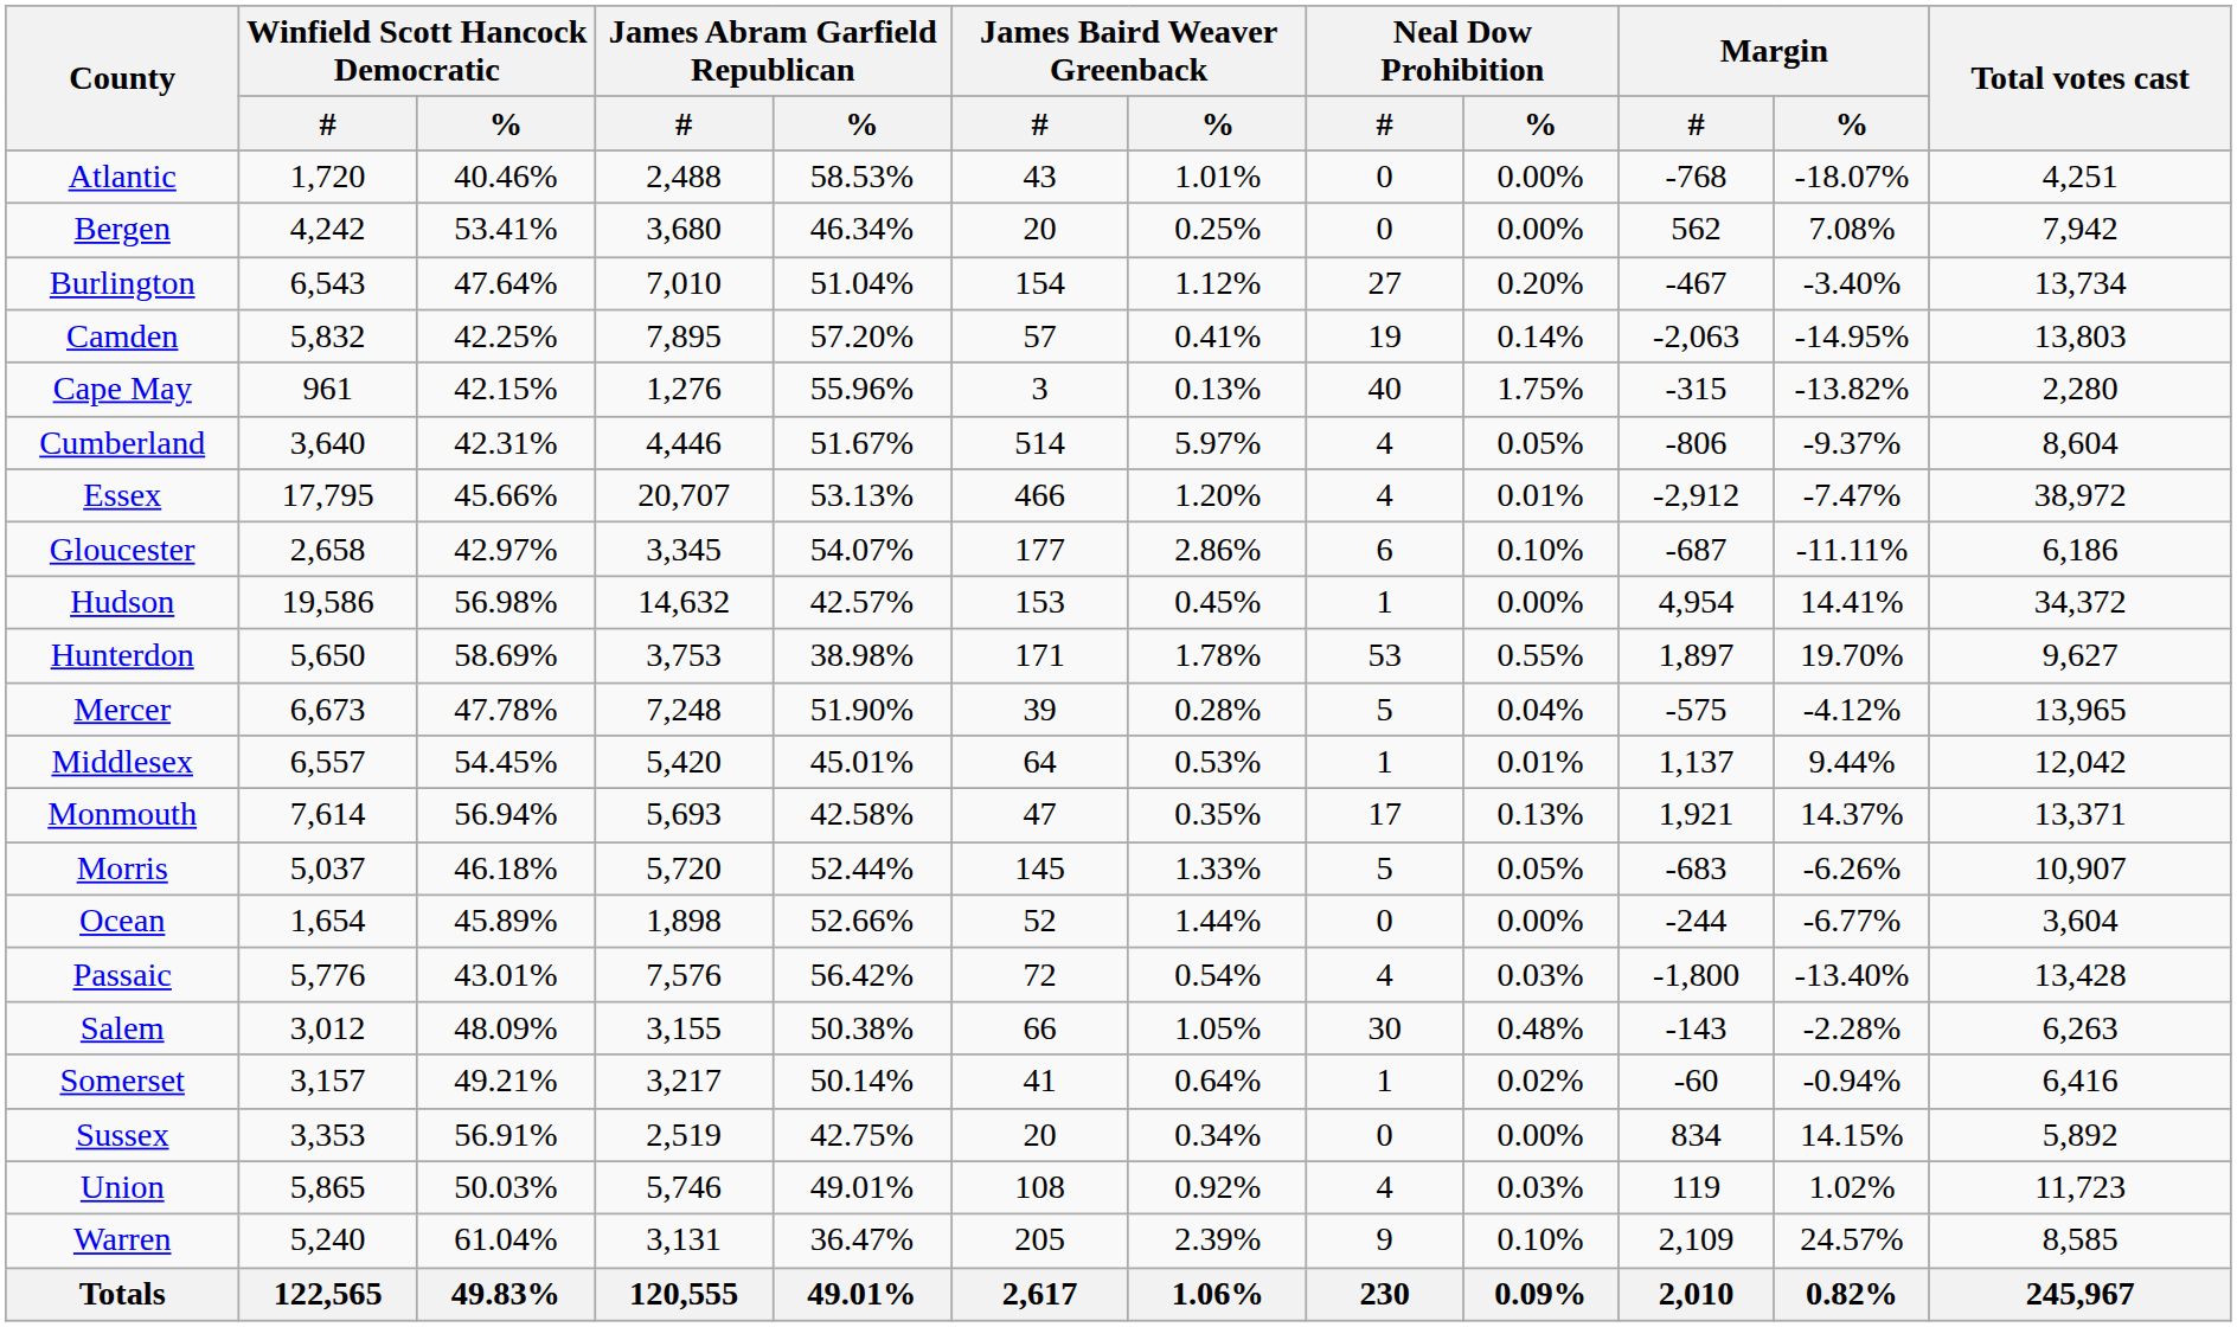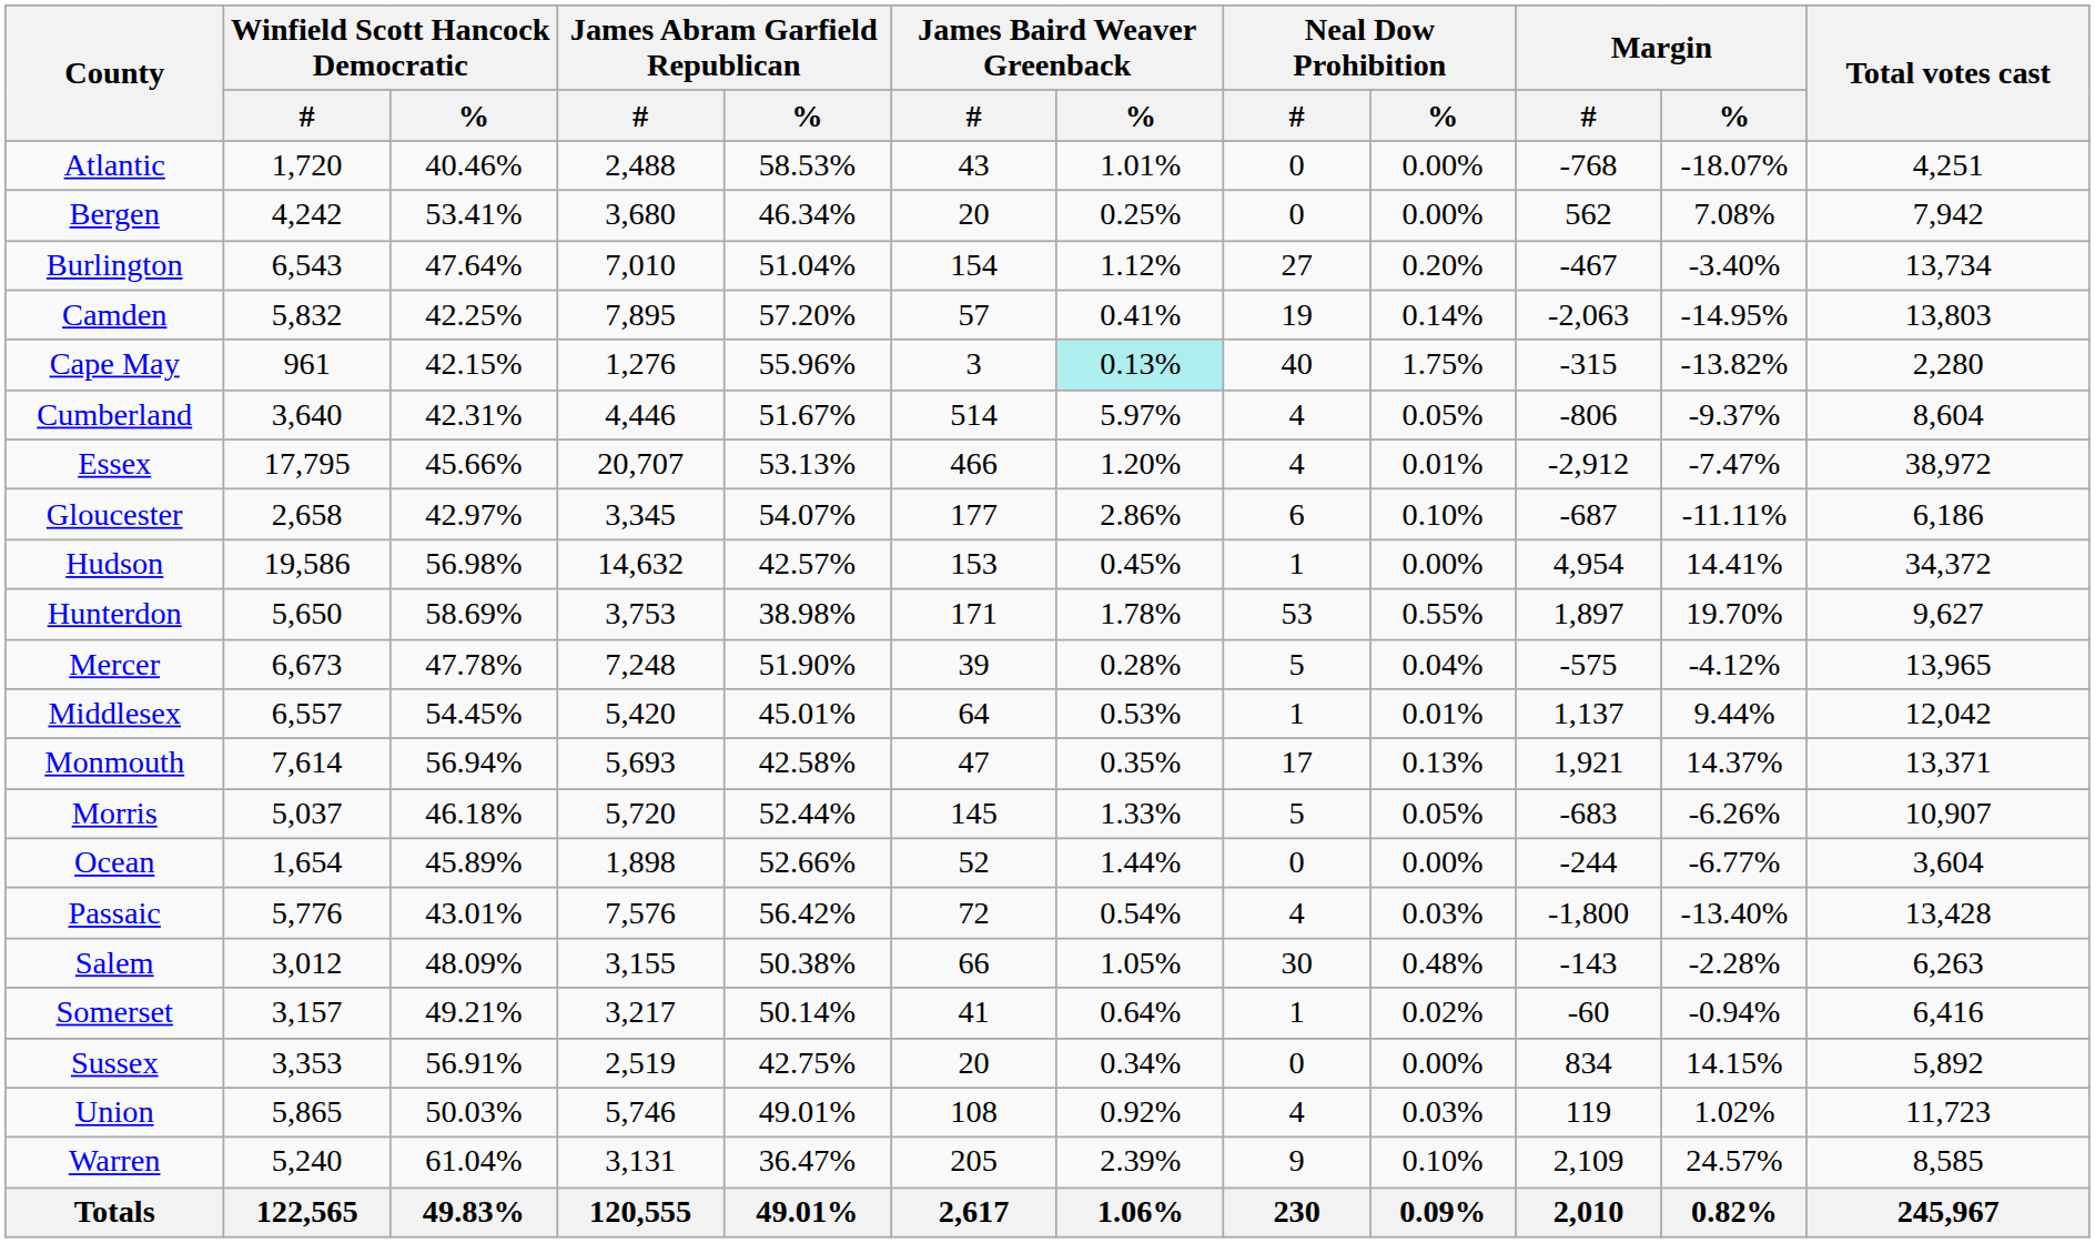 <table class="wikitable sortable">
 <tr>
 <th rowspan="2">County</th>
 <th colspan="2">Winfield Scott Hancock<br>Democratic</th>
 <th colspan="2">James Abram Garfield<br>Republican</th>
 <th colspan="2">James Baird Weaver<br>Greenback</th>
 <th colspan="2">Neal Dow<br>Prohibition</th>
 <th colspan="2">Margin</th>
 <th rowspan="2">Total votes cast </th>
 </tr>
 <tr style="text-align:center">
 <th width="8%" data-sort-type="number">#</th>
 <th width="8%" data-sort-type="number">%</th>
 <th width="8%" data-sort-type="number">#</th>
 <th width="8%" data-sort-type="number">%</th>
 <th width="8%" data-sort-type="number">#</th>
 <th width="8%" data-sort-type="number">%</th>
 <th width="7%" data-sort-type="number">#</th>
 <th width="7%" data-sort-type="number">%</th>
 <th width="7%" data-sort-type="number">#</th>
 <th width="7%" data-sort-type="number">%</th>
 </tr>
 <tr style="text-align:center;">
 <td><a href='#'>Atlantic</a></td>
 <td>1,720</td>
 <td>40.46%</td>
 <td>2,488</td>
 <td>58.53%</td>
 <td>43</td>
 <td>1.01%</td>
 <td>0</td>
 <td>0.00%</td>
 <td>-768</td>
 <td>-18.07%</td>
 <td>4,251</td>
 </tr>
 <tr style="text-align:center;">
 <td><a href='#'>Bergen</a></td>
 <td>4,242</td>
 <td>53.41%</td>
 <td>3,680</td>
 <td>46.34%</td>
 <td>20</td>
 <td>0.25%</td>
 <td>0</td>
 <td>0.00%</td>
 <td>562</td>
 <td>7.08%</td>
 <td>7,942</td>
 </tr>
 <tr style="text-align:center;">
 <td><a href='#'>Burlington</a></td>
 <td>6,543</td>
 <td>47.64%</td>
 <td>7,010</td>
 <td>51.04%</td>
 <td>154</td>
 <td>1.12%</td>
 <td>27</td>
 <td>0.20%</td>
 <td>-467</td>
 <td>-3.40%</td>
 <td>13,734</td>
 </tr>
 <tr style="text-align:center;">
 <td><a href='#'>Camden</a></td>
 <td>5,832</td>
 <td>42.25%</td>
 <td>7,895</td>
 <td>57.20%</td>
 <td>57</td>
 <td>0.41%</td>
 <td>19</td>
 <td>0.14%</td>
 <td>-2,063</td>
 <td>-14.95%</td>
 <td>13,803</td>
 </tr>
 <tr style="text-align:center;">
 <td><a href='#'>Cape May</a></td>
 <td>961</td>
 <td>42.15%</td>
 <td>1,276</td>
 <td>55.96%</td>
 <td>3</td>
-<td>0.13%</td>
+<td style="background: paleturquoise;">0.13%</td>
 <td>40</td>
 <td>1.75%</td>
 <td>-315</td>
 <td>-13.82%</td>
 <td>2,280</td>
 </tr>
 <tr style="text-align:center;">
 <td><a href='#'>Cumberland</a></td>
 <td>3,640</td>
 <td>42.31%</td>
 <td>4,446</td>
 <td>51.67%</td>
 <td>514</td>
 <td>5.97%</td>
 <td>4</td>
 <td>0.05%</td>
 <td>-806</td>
 <td>-9.37%</td>
 <td>8,604</td>
 </tr>
 <tr style="text-align:center;">
 <td><a href='#'>Essex</a></td>
 <td>17,795</td>
 <td>45.66%</td>
 <td>20,707</td>
 <td>53.13%</td>
 <td>466</td>
 <td>1.20%</td>
 <td>4</td>
 <td>0.01%</td>
 <td>-2,912</td>
 <td>-7.47%</td>
 <td>38,972</td>
 </tr>
 <tr style="text-align:center;">
 <td><a href='#'>Gloucester</a></td>
 <td>2,658</td>
 <td>42.97%</td>
 <td>3,345</td>
 <td>54.07%</td>
 <td>177</td>
 <td>2.86%</td>
 <td>6</td>
 <td>0.10%</td>
 <td>-687</td>
 <td>-11.11%</td>
 <td>6,186</td>
 </tr>
 <tr style="text-align:center;">
 <td><a href='#'>Hudson</a></td>
 <td>19,586</td>
 <td>56.98%</td>
 <td>14,632</td>
 <td>42.57%</td>
 <td>153</td>
 <td>0.45%</td>
 <td>1</td>
 <td>0.00%</td>
 <td>4,954</td>
 <td>14.41%</td>
 <td>34,372</td>
 </tr>
 <tr style="text-align:center;">
 <td><a href='#'>Hunterdon</a></td>
 <td>5,650</td>
 <td>58.69%</td>
 <td>3,753</td>
 <td>38.98%</td>
 <td>171</td>
 <td>1.78%</td>
 <td>53</td>
 <td>0.55%</td>
 <td>1,897</td>
 <td>19.70%</td>
 <td>9,627</td>
 </tr>
 <tr style="text-align:center;">
 <td><a href='#'>Mercer</a></td>
 <td>6,673</td>
 <td>47.78%</td>
 <td>7,248</td>
 <td>51.90%</td>
 <td>39</td>
 <td>0.28%</td>
 <td>5</td>
 <td>0.04%</td>
 <td>-575</td>
 <td>-4.12%</td>
 <td>13,965</td>
 </tr>
 <tr style="text-align:center;">
 <td><a href='#'>Middlesex</a></td>
 <td>6,557</td>
 <td>54.45%</td>
 <td>5,420</td>
 <td>45.01%</td>
 <td>64</td>
 <td>0.53%</td>
 <td>1</td>
 <td>0.01%</td>
 <td>1,137</td>
 <td>9.44%</td>
 <td>12,042</td>
 </tr>
 <tr style="text-align:center;">
 <td><a href='#'>Monmouth</a></td>
 <td>7,614</td>
 <td>56.94%</td>
 <td>5,693</td>
 <td>42.58%</td>
 <td>47</td>
 <td>0.35%</td>
 <td>17</td>
 <td>0.13%</td>
 <td>1,921</td>
 <td>14.37%</td>
 <td>13,371</td>
 </tr>
 <tr style="text-align:center;">
 <td><a href='#'>Morris</a></td>
 <td>5,037</td>
 <td>46.18%</td>
 <td>5,720</td>
 <td>52.44%</td>
 <td>145</td>
 <td>1.33%</td>
 <td>5</td>
 <td>0.05%</td>
 <td>-683</td>
 <td>-6.26%</td>
 <td>10,907</td>
 </tr>
 <tr style="text-align:center;">
 <td><a href='#'>Ocean</a></td>
 <td>1,654</td>
 <td>45.89%</td>
 <td>1,898</td>
 <td>52.66%</td>
 <td>52</td>
 <td>1.44%</td>
 <td>0</td>
 <td>0.00%</td>
 <td>-244</td>
 <td>-6.77%</td>
 <td>3,604</td>
 </tr>
 <tr style="text-align:center;">
 <td><a href='#'>Passaic</a></td>
 <td>5,776</td>
 <td>43.01%</td>
 <td>7,576</td>
 <td>56.42%</td>
 <td>72</td>
 <td>0.54%</td>
 <td>4</td>
 <td>0.03%</td>
 <td>-1,800</td>
 <td>-13.40%</td>
 <td>13,428</td>
 </tr>
 <tr style="text-align:center;">
 <td><a href='#'>Salem</a></td>
 <td>3,012</td>
 <td>48.09%</td>
 <td>3,155</td>
 <td>50.38%</td>
 <td>66</td>
 <td>1.05%</td>
 <td>30</td>
 <td>0.48%</td>
 <td>-143</td>
 <td>-2.28%</td>
 <td>6,263</td>
 </tr>
 <tr style="text-align:center;">
 <td><a href='#'>Somerset</a></td>
 <td>3,157</td>
 <td>49.21%</td>
 <td>3,217</td>
 <td>50.14%</td>
 <td>41</td>
 <td>0.64%</td>
 <td>1</td>
 <td>0.02%</td>
 <td>-60</td>
 <td>-0.94%</td>
 <td>6,416</td>
 </tr>
 <tr style="text-align:center;">
 <td><a href='#'>Sussex</a></td>
 <td>3,353</td>
 <td>56.91%</td>
 <td>2,519</td>
 <td>42.75%</td>
 <td>20</td>
 <td>0.34%</td>
 <td>0</td>
 <td>0.00%</td>
 <td>834</td>
 <td>14.15%</td>
 <td>5,892</td>
 </tr>
 <tr style="text-align:center;">
 <td><a href='#'>Union</a></td>
 <td>5,865</td>
 <td>50.03%</td>
 <td>5,746</td>
 <td>49.01%</td>
 <td>108</td>
 <td>0.92%</td>
 <td>4</td>
 <td>0.03%</td>
 <td>119</td>
 <td>1.02%</td>
 <td>11,723</td>
 </tr>
 <tr style="text-align:center;">
 <td><a href='#'>Warren</a></td>
 <td>5,240</td>
 <td>61.04%</td>
 <td>3,131</td>
 <td>36.47%</td>
 <td>205</td>
 <td>2.39%</td>
 <td>9</td>
 <td>0.10%</td>
 <td>2,109</td>
 <td>24.57%</td>
 <td>8,585</td>
 </tr>
 <tr>
 <th>Totals</th>
 <th>122,565</th>
 <th>49.83%</th>
 <th>120,555</th>
 <th>49.01%</th>
 <th>2,617</th>
 <th>1.06%</th>
 <th>230</th>
 <th>0.09%</th>
 <th>2,010</th>
 <th>0.82%</th>
 <th>245,967</th>
 </tr>
 </table>
